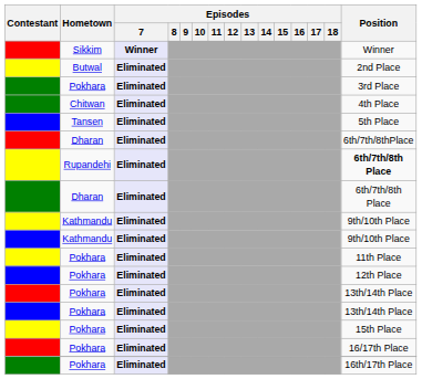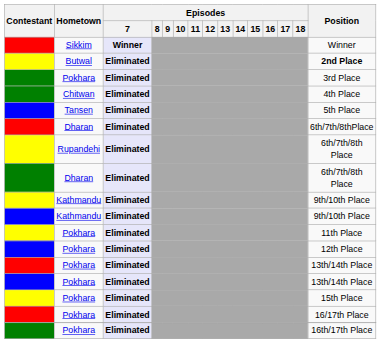 <table class="wikitable sortable" style="text-align: center; font-size:90%; line-height:20px;">
 <tr>
 <th rowspan="2">Contestant</th>
 <th rowspan="2">Hometown</th>
 <th colspan="12">Episodes</th>
 <th rowspan="2">Position</th>
 </tr>
 <tr>
 <th width="35">7</th>
 <th width="35">8</th>
 <th width="35">9</th>
 <th width="35">10</th>
 <th width="35">11</th>
 <th width="35">12</th>
 <th width="35">13</th>
 <th width="35">14</th>
 <th width="35">15</th>
 <th width="35">16</th>
 <th width="35">17</th>
 <th width="35">18</th>
 </tr>
 <tr>
 <td bgcolor="red"><strong></strong></td>
 <td><a href='#'>Sikkim</a></td>
 <td bgcolor="lavender"><strong>Winner</strong></td>
 <td colspan="11" style="background:darkgray;"></td>
 <td>Winner</td>
 </tr>
 <tr>
 <td bgcolor="yellow"><strong></strong></td>
 <td><a href='#'>Butwal</a></td>
 <td bgcolor="lavender"><strong>Eliminated</strong></td>
 <td colspan="11" style="background:darkgray;"></td>
-<td>2nd Place</td>
+<td><strong>2nd Place</strong></td>
 </tr>
 <tr>
 <td bgcolor="green"><strong></strong></td>
 <td><a href='#'>Pokhara</a></td>
 <td bgcolor="lavender"><strong>Eliminated</strong></td>
 <td colspan="11" style="background:darkgray;"></td>
 <td>3rd Place</td>
 </tr>
 <tr>
 <td bgcolor="green"><strong></strong></td>
 <td><a href='#'>Chitwan</a></td>
 <td bgcolor="lavender"><strong>Eliminated</strong></td>
 <td colspan="11" style="background:darkgray;"></td>
 <td>4th Place</td>
 </tr>
 <tr>
 <td bgcolor="blue"><strong></strong></td>
 <td><a href='#'>Tansen</a></td>
 <td bgcolor="lavender"><strong>Eliminated</strong></td>
 <td colspan="11" style="background:darkgray;"></td>
 <td>5th Place</td>
 </tr>
 <tr>
 <td bgcolor="Red"><strong></strong></td>
 <td><a href='#'>Dharan</a></td>
 <td bgcolor="lavender"><strong>Eliminated</strong></td>
 <td colspan="11" style="background:darkgray;"></td>
 <td>6th/7th/8thPlace</td>
 </tr>
 <tr>
 <td bgcolor="yellow"><strong></strong></td>
 <td><a href='#'>Rupandehi</a></td>
 <td bgcolor="lavender"><strong>Eliminated</strong></td>
 <td colspan="11" style="background:darkgray;"></td>
-<td><strong>6th/7th/8th Place</strong></td>
+<td>6th/7th/8th Place</td>
 </tr>
 <tr>
 <td bgcolor="Green"><strong></strong></td>
 <td><a href='#'>Dharan</a></td>
 <td bgcolor="lavender"><strong>Eliminated</strong></td>
 <td colspan="11" style="background:darkgray;"></td>
 <td>6th/7th/8th Place</td>
 </tr>
 <tr>
 <td bgcolor="yellow"><strong></strong></td>
 <td><a href='#'>Kathmandu</a></td>
 <td bgcolor="lavender"><strong>Eliminated</strong></td>
 <td colspan="11" style="background:darkgray;"></td>
 <td>9th/10th Place</td>
 </tr>
 <tr>
 <td bgcolor="blue"><strong></strong></td>
 <td><a href='#'>Kathmandu</a></td>
 <td bgcolor="lavender"><strong>Eliminated</strong></td>
 <td colspan="11" style="background:darkgray;"></td>
 <td>9th/10th Place</td>
 </tr>
 <tr>
 <td bgcolor="Yellow"><strong></strong></td>
 <td><a href='#'>Pokhara</a></td>
 <td bgcolor="lavender"><strong>Eliminated</strong></td>
 <td colspan="11" style="background:darkgray;"></td>
 <td>11th Place</td>
 </tr>
 <tr>
 <td bgcolor="blue"><strong></strong></td>
 <td><a href='#'>Pokhara</a></td>
 <td bgcolor="lavender"><strong>Eliminated</strong></td>
 <td colspan="11" style="background:darkgray;"></td>
 <td>12th Place</td>
 </tr>
 <tr>
 <td bgcolor="Red"><strong></strong></td>
 <td><a href='#'>Pokhara</a></td>
 <td bgcolor="lavender"><strong>Eliminated</strong></td>
 <td colspan="11" style="background:darkgray;"></td>
 <td>13th/14th Place</td>
 </tr>
 <tr>
 <td bgcolor="Blue"><strong></strong></td>
 <td><a href='#'>Pokhara</a></td>
 <td bgcolor="lavender"><strong>Eliminated</strong></td>
 <td colspan="11" style="background:darkgray;"></td>
 <td>13th/14th Place</td>
 </tr>
 <tr>
 <td bgcolor="Yellow"><strong></strong></td>
 <td><a href='#'>Pokhara</a></td>
 <td bgcolor="lavender"><strong>Eliminated</strong></td>
 <td colspan="11" style="background:darkgray;"></td>
 <td>15th Place</td>
 </tr>
 <tr>
 <td bgcolor="Red"><strong></strong></td>
 <td><a href='#'>Pokhara</a></td>
 <td bgcolor="lavender"><strong>Eliminated</strong></td>
 <td colspan="11" style="background:darkgray;"></td>
 <td>16/17th Place</td>
 </tr>
 <tr>
 </tr>
 <tr>
 <td bgcolor="green"><strong></strong></td>
 <td><a href='#'>Pokhara</a></td>
 <td bgcolor="lavender"><strong>Eliminated</strong></td>
 <td colspan="11" style="background:darkgray;"></td>
 <td>16th/17th Place</td>
 </tr>
 </table>
